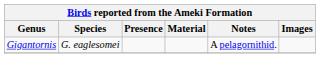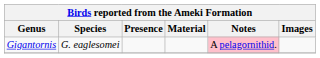 <table class="wikitable" align="center">
 <tr>
 <th colspan="6" align="center"><a href='#'>Birds</a> reported from the Ameki Formation</th>
 </tr>
 <tr>
 <th>Genus</th>
 <th>Species</th>
 <th>Presence</th>
 <th>Material</th>
 <th>Notes</th>
 <th>Images</th>
 </tr>
 <tr>
 <td><em><a href='#'>Gigantornis</a></em></td>
 <td><em>G. eaglesomei</em></td>
 <td></td>
 <td></td>
-<td>A <a href='#'>pelagornithid</a>.</td>
+<td style="background: pink;">A <a href='#'>pelagornithid</a>.</td>
 <td></td>
 </tr>
 <tr>
 </tr>
 </table>
